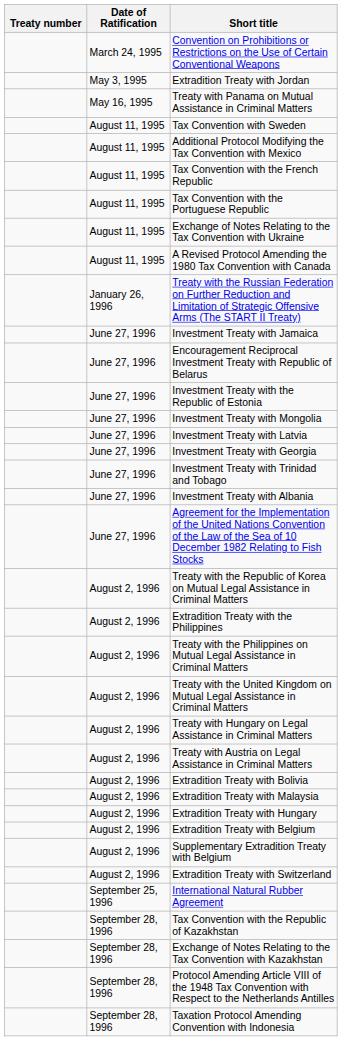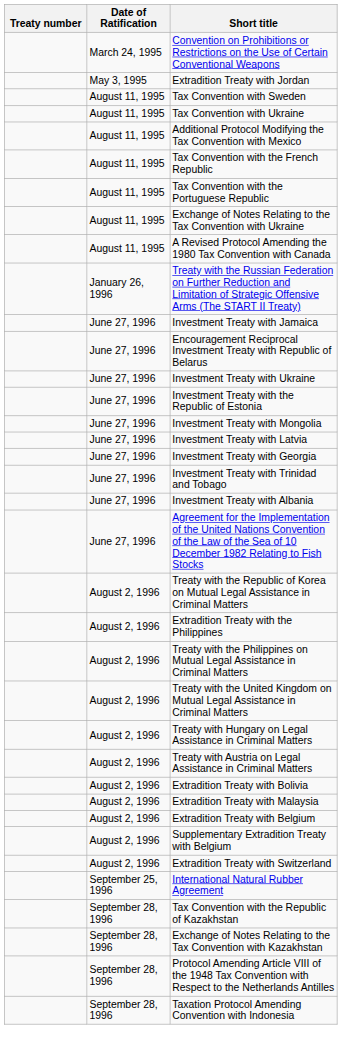 <table class=wikitable>
 <tr valign=bottom>
 <th style="width: 120px;">Treaty number</th>
 <th style="width: 120px;">Date of Ratification</th>
 <th style="width: 250px; valign: bottom">Short title</th>
 </tr>
 <tr>
 <td></td>
 <td>March 24, 1995</td>
 <td><a href='#'>Convention on Prohibitions or Restrictions on the Use of Certain Conventional Weapons</a></td>
 </tr>
 <tr>
 <td></td>
 <td>May 3, 1995</td>
 <td>Extradition Treaty with Jordan</td>
 </tr>
 <tr>
 <td></td>
-<td>May 16, 1995</td>
-<td>Treaty with Panama on Mutual Assistance in Criminal Matters</td>
+<td>August 11, 1995</td>
+<td>Tax Convention with Sweden</td>
 </tr>
 <tr>
 <td></td>
 <td>August 11, 1995</td>
-<td>Tax Convention with Sweden</td>
+<td>Tax Convention with Ukraine</td>
 </tr>
 <tr>
 <td></td>
 <td>August 11, 1995</td>
 <td>Additional Protocol Modifying the Tax Convention with Mexico</td>
 </tr>
 <tr>
 <td></td>
 <td>August 11, 1995</td>
 <td>Tax Convention with the French Republic</td>
 </tr>
 <tr>
 <td></td>
 <td>August 11, 1995</td>
 <td>Tax Convention with the Portuguese Republic</td>
 </tr>
 <tr>
 <td></td>
 <td>August 11, 1995</td>
 <td>Exchange of Notes Relating to the Tax Convention with Ukraine</td>
 </tr>
 <tr>
 <td></td>
 <td>August 11, 1995</td>
 <td>A Revised Protocol Amending the 1980 Tax Convention with Canada</td>
 </tr>
 <tr>
 <td></td>
 <td>January 26, 1996</td>
 <td><a href='#'>Treaty with the Russian Federation on Further Reduction and Limitation of Strategic Offensive Arms (The START II Treaty)</a></td>
 </tr>
 <tr>
 <td></td>
 <td>June 27, 1996</td>
 <td>Investment Treaty with Jamaica</td>
 </tr>
 <tr>
 <td></td>
 <td>June 27, 1996</td>
 <td>Encouragement Reciprocal Investment Treaty with Republic of Belarus</td>
+</tr>
+<tr>
+<td></td>
+<td>June 27, 1996</td>
+<td>Investment Treaty with Ukraine</td>
 </tr>
 <tr>
 <td></td>
 <td>June 27, 1996</td>
 <td>Investment Treaty with the Republic of Estonia</td>
 </tr>
 <tr>
 <td></td>
 <td>June 27, 1996</td>
 <td>Investment Treaty with Mongolia</td>
 </tr>
 <tr>
 <td></td>
 <td>June 27, 1996</td>
 <td>Investment Treaty with Latvia</td>
 </tr>
 <tr>
 <td></td>
 <td>June 27, 1996</td>
 <td>Investment Treaty with Georgia</td>
 </tr>
 <tr>
 <td></td>
 <td>June 27, 1996</td>
 <td>Investment Treaty with Trinidad and Tobago</td>
 </tr>
 <tr>
 <td></td>
 <td>June 27, 1996</td>
 <td>Investment Treaty with Albania</td>
 </tr>
 <tr>
 <td></td>
 <td>June 27, 1996</td>
 <td><a href='#'>Agreement for the Implementation of the United Nations Convention of the Law of the Sea of 10 December 1982 Relating to Fish Stocks</a></td>
 </tr>
 <tr>
 <td></td>
 <td>August 2, 1996</td>
 <td>Treaty with the Republic of Korea on Mutual Legal Assistance in Criminal Matters</td>
 </tr>
 <tr>
 <td></td>
 <td>August 2, 1996</td>
 <td>Extradition Treaty with the Philippines</td>
 </tr>
 <tr>
 <td></td>
 <td>August 2, 1996</td>
 <td>Treaty with the Philippines on Mutual Legal Assistance in Criminal Matters</td>
 </tr>
 <tr>
 <td></td>
 <td>August 2, 1996</td>
 <td>Treaty with the United Kingdom on Mutual Legal Assistance in Criminal Matters</td>
 </tr>
 <tr>
 <td></td>
 <td>August 2, 1996</td>
 <td>Treaty with Hungary on Legal Assistance in Criminal Matters</td>
 </tr>
 <tr>
 <td></td>
 <td>August 2, 1996</td>
 <td>Treaty with Austria on Legal Assistance in Criminal Matters</td>
 </tr>
 <tr>
 <td></td>
 <td>August 2, 1996</td>
 <td>Extradition Treaty with Bolivia</td>
 </tr>
 <tr>
 <td></td>
 <td>August 2, 1996</td>
 <td>Extradition Treaty with Malaysia</td>
 </tr>
 <tr>
 <td></td>
 <td>August 2, 1996</td>
-<td>Extradition Treaty with Hungary</td>
-</tr>
-<tr>
-<td></td>
-<td>August 2, 1996</td>
 <td>Extradition Treaty with Belgium</td>
 </tr>
 <tr>
 <td></td>
 <td>August 2, 1996</td>
 <td>Supplementary Extradition Treaty with Belgium</td>
 </tr>
 <tr>
 <td></td>
 <td>August 2, 1996</td>
 <td>Extradition Treaty with Switzerland</td>
 </tr>
 <tr>
 <td></td>
 <td>September 25, 1996</td>
 <td><a href='#'>International Natural Rubber Agreement</a></td>
 </tr>
 <tr>
 <td></td>
 <td>September 28, 1996</td>
 <td>Tax Convention with the Republic of Kazakhstan</td>
 </tr>
 <tr>
 <td></td>
 <td>September 28, 1996</td>
 <td>Exchange of Notes Relating to the Tax Convention with Kazakhstan</td>
 </tr>
 <tr>
 <td></td>
 <td>September 28, 1996</td>
 <td>Protocol Amending Article VIII of the 1948 Tax Convention with Respect to the Netherlands Antilles</td>
 </tr>
 <tr>
 <td></td>
 <td>September 28, 1996</td>
 <td>Taxation Protocol Amending Convention with Indonesia</td>
 </tr>
 </table>
